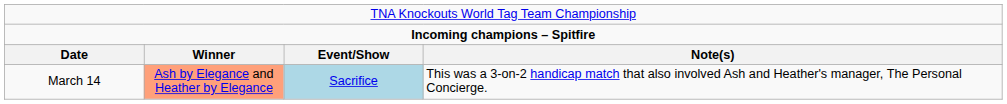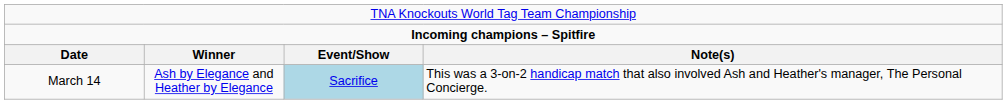 <table class="wikitable" style="text-align:center; width:100%;">
 <tr>
 <td colspan="4" style="text-align: center;"><a href='#'>TNA Knockouts World Tag Team Championship</a></td>
 </tr>
 <tr>
 <td colspan="4" style="text-align: center;"><strong>Incoming champions – Spitfire </strong></td>
 </tr>
 <tr>
 <th width="14%">Date</th>
 <th width="14%">Winner</th>
 <th width="14%">Event/Show</th>
 <th width="58%">Note(s)</th>
 </tr>
 <tr>
 <td>March 14</td>
-<td style="background: lightsalmon;"><a href='#'>Ash by Elegance</a> and <a href='#'>Heather by Elegance</a></td>
+<td><a href='#'>Ash by Elegance</a> and <a href='#'>Heather by Elegance</a></td>
 <td style="background: lightblue;"><a href='#'>Sacrifice</a></td>
 <td align=left>This was a 3-on-2 <a href='#'>handicap match</a> that also involved Ash and Heather's manager, The Personal Concierge.</td>
 </tr>
 </table>
